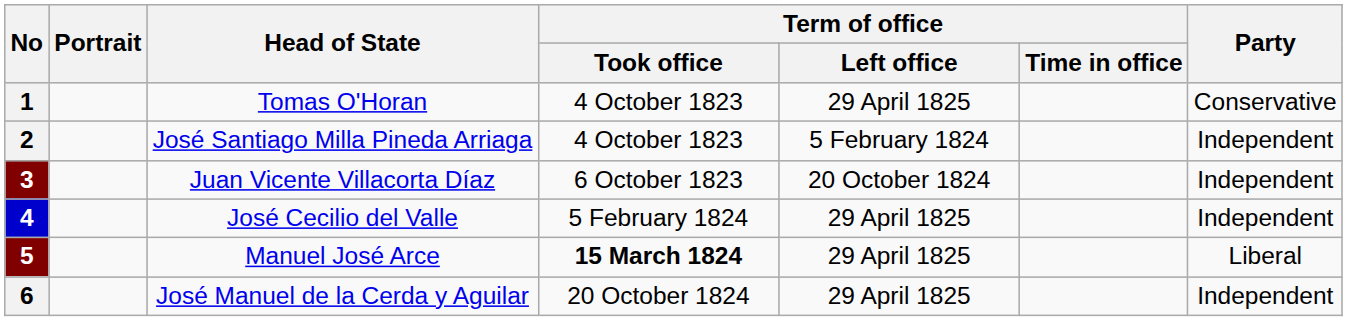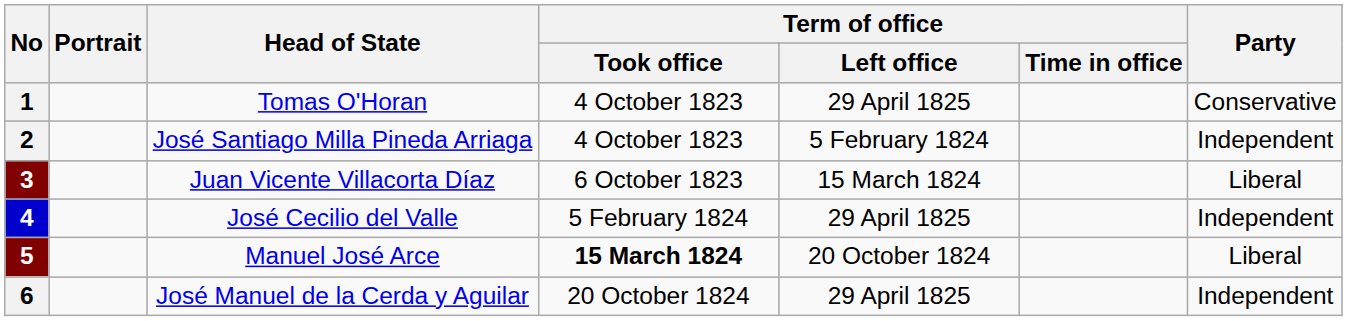 <table class="wikitable" style="text-align:center">
 <tr>
 <th rowspan="2">No</th>
 <th rowspan="2">Portrait</th>
 <th rowspan="2">Head of State</th>
 <th colspan="3">Term of office</th>
 <th rowspan="2">Party</th>
 </tr>
 <tr style="background:#cccccc">
 <th width="150">Took office</th>
 <th width="150">Left office</th>
 <th>Time in office</th>
 </tr>
 <tr>
 <th style="background:">1</th>
 <td></td>
 <td><a href='#'>Tomas O'Horan</a></td>
 <td>4 October 1823</td>
 <td>29 April 1825</td>
 <td></td>
 <td>Conservative</td>
 </tr>
 <tr>
 <th style="background:">2</th>
 <td></td>
 <td><a href='#'>José Santiago Milla Pineda Arriaga</a></td>
 <td>4 October 1823</td>
 <td>5 February 1824</td>
 <td></td>
 <td>Independent</td>
 </tr>
 <tr>
 <th style="background:Maroon; color:white">3</th>
 <td></td>
 <td><a href='#'>Juan Vicente Villacorta Díaz</a></td>
 <td>6 October 1823</td>
-<td>20 October 1824</td>
+<td>15 March 1824</td>
 <td></td>
-<td>Independent</td>
+<td>Liberal</td>
 </tr>
 <tr>
 <th style="background:MediumBlue; color:white">4</th>
 <td></td>
 <td><a href='#'>José Cecilio del Valle</a></td>
 <td>5 February 1824</td>
 <td>29 April 1825</td>
 <td></td>
 <td>Independent</td>
 </tr>
 <tr>
 <th style="background:Maroon; color:white">5</th>
 <td></td>
 <td><a href='#'>Manuel José Arce</a></td>
 <td><strong>15 March 1824</strong></td>
-<td>29 April 1825</td>
+<td>20 October 1824</td>
 <td></td>
 <td>Liberal</td>
 </tr>
 <tr>
 <th style="background:">6</th>
 <td></td>
 <td><a href='#'>José Manuel de la Cerda y Aguilar</a></td>
 <td>20 October 1824</td>
 <td>29 April 1825</td>
 <td></td>
 <td>Independent</td>
 </tr>
 </table>
